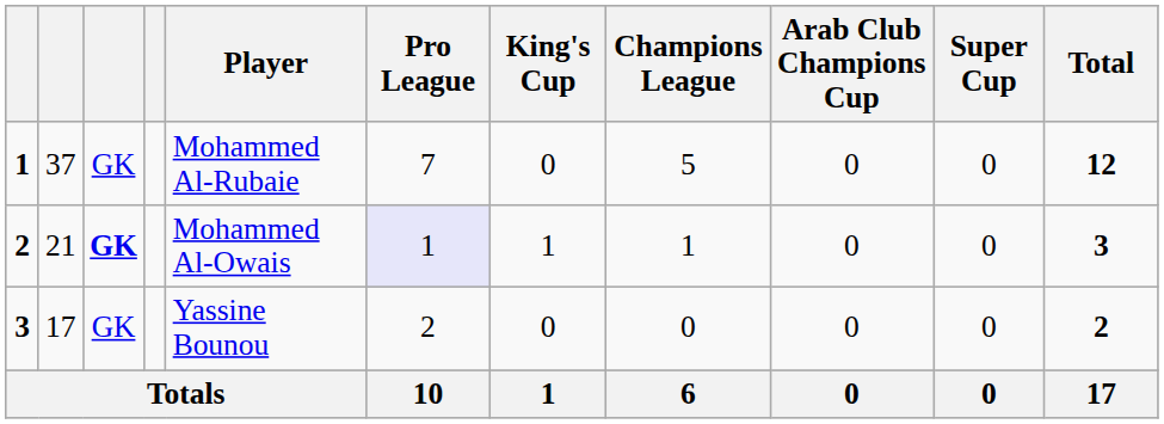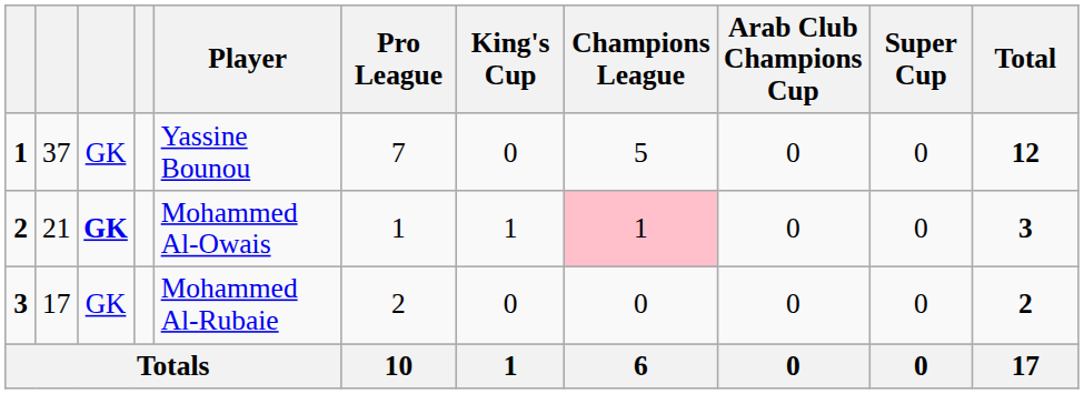 <table class="wikitable" style="text-align:center">
 <tr>
 <th width=15></th>
 <th width=15></th>
 <th width=15></th>
 <th width=15></th>
 <th width=155>Player</th>
 <th width=80>Pro League</th>
 <th width=80>King's Cup</th>
 <th width=80>Champions League</th>
 <th width=80>Arab Club Champions Cup</th>
 <th width=80>Super Cup</th>
 <th width=100>Total</th>
 </tr>
 <tr>
 <td><strong>1</strong></td>
 <td>37</td>
 <td><a href='#'>GK</a></td>
 <td></td>
-<td align=left><a href='#'>Mohammed Al-Rubaie</a></td>
+<td align=left><a href='#'>Yassine Bounou</a></td>
 <td>7</td>
 <td>0</td>
 <td>5</td>
 <td>0</td>
 <td>0</td>
 <td><strong>12</strong></td>
 </tr>
 <tr>
 <td><strong>2</strong></td>
 <td>21</td>
 <td><strong><a href='#'>GK</a></strong></td>
 <td></td>
 <td align=left><a href='#'>Mohammed Al-Owais</a></td>
-<td style="background: lavender;">1</td>
 <td>1</td>
 <td>1</td>
+<td style="background: pink;">1</td>
 <td>0</td>
 <td>0</td>
 <td><strong>3</strong></td>
 </tr>
 <tr>
 <td><strong>3</strong></td>
 <td>17</td>
 <td><a href='#'>GK</a></td>
 <td></td>
-<td align=left><a href='#'>Yassine Bounou</a></td>
+<td align=left><a href='#'>Mohammed Al-Rubaie</a></td>
 <td>2</td>
 <td>0</td>
 <td>0</td>
 <td>0</td>
 <td>0</td>
 <td><strong>2</strong></td>
 </tr>
 <tr>
 <th colspan=5>Totals</th>
 <th>10</th>
 <th>1</th>
 <th>6</th>
 <th>0</th>
 <th>0</th>
 <th>17</th>
 </tr>
 </table>
